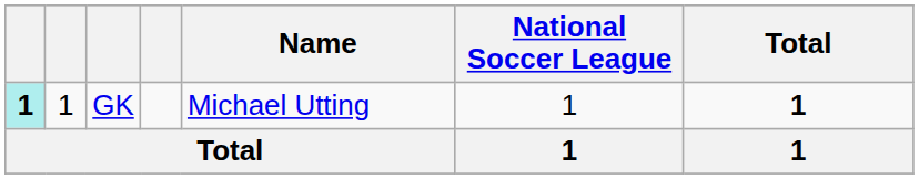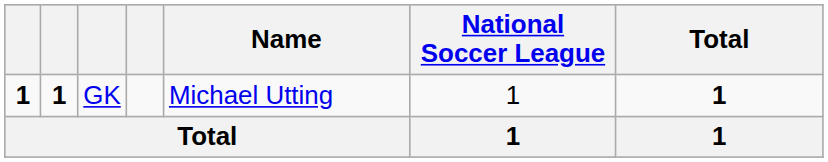 <table class="wikitable" style="text-align:center">
 <tr>
 <th width=15></th>
 <th width=15></th>
 <th width=15></th>
 <th width=15></th>
 <th width=145>Name</th>
 <th width=120><a href='#'>National Soccer League</a></th>
 <th width=120>Total</th>
 </tr>
 <tr>
-<td style="background: paleturquoise;"><strong>1</strong></td>
-<td>1</td>
+<td><strong>1</strong></td>
+<td><strong>1</strong></td>
 <td><a href='#'>GK</a></td>
 <td></td>
 <td align=left><a href='#'>Michael Utting</a></td>
 <td>1</td>
 <td><strong>1</strong></td>
 </tr>
 <tr>
 <th colspan="5"><strong>Total</strong></th>
 <th>1</th>
 <th>1</th>
 </tr>
 </table>
